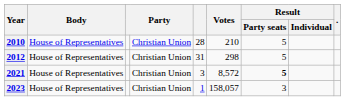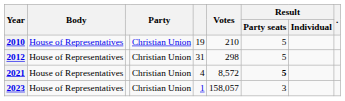 <table class="wikitable plainrowheaders sortable" border=2 cellpadding=4 cellspacing=0 style="border: 1px #aaa solid; font-size: 90%; text-align:center;">
 <tr>
 <th scope="col" rowspan=2>Year</th>
 <th scope="col" rowspan=2>Body</th>
 <th scope="col" colspan=2 rowspan=2>Party</th>
 <th scope="col" rowspan=2></th>
 <th scope="col" rowspan=2>Votes</th>
 <th scope="colgroup" colspan=2>Result</th>
 <th scope="col" rowspan=2 class="unsortable">.</th>
 </tr>
 <tr>
 <th scope="col">Party seats</th>
 <th scope="col">Individual</th>
 </tr>
 <tr>
 <th scope="row"><a href='#'>2010</a></th>
 <td><a href='#'>House of Representatives</a></td>
 <td style="background-color:"></td>
 <td><a href='#'>Christian Union</a></td>
-<td style=text-align:right>28</td>
+<td style=text-align:right>19</td>
 <td style=text-align:right>210</td>
 <td style=text-align:right>5</td>
 <td></td>
 <td></td>
 </tr>
 <tr>
 <th scope="row"><a href='#'>2012</a></th>
 <td>House of Representatives</td>
 <td style="background-color:"></td>
 <td>Christian Union</td>
 <td style=text-align:right>31</td>
 <td style=text-align:right>298</td>
 <td style=text-align:right>5</td>
 <td></td>
 <td></td>
 </tr>
 <tr>
 <th scope="row"><a href='#'>2021</a></th>
 <td>House of Representatives</td>
 <td style="background-color:"></td>
 <td>Christian Union</td>
-<td style=text-align:right>3</td>
+<td style=text-align:right>4</td>
 <td style=text-align:right>8,572</td>
 <td style=text-align:right><strong>5</strong></td>
 <td></td>
 <td></td>
 </tr>
 <tr>
 <th scope="row"><a href='#'>2023</a></th>
 <td>House of Representatives</td>
 <td style="background-color:"></td>
 <td>Christian Union</td>
 <td style=text-align:right><a href='#'>1</a></td>
 <td style=text-align:right>158,057</td>
 <td style=text-align:right>3</td>
 <td></td>
 <td></td>
 </tr>
 </table>
